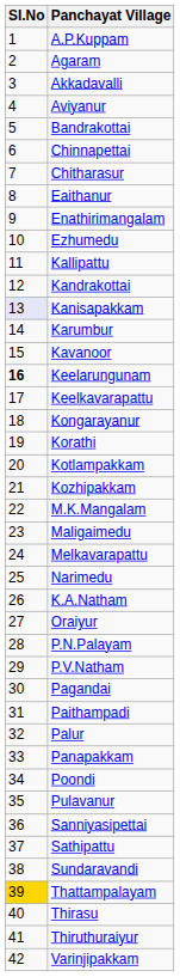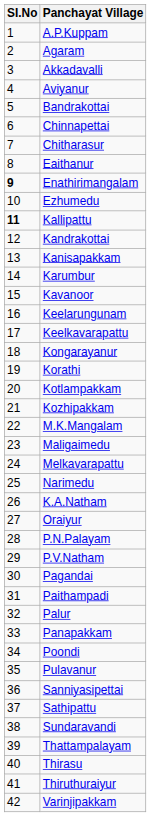 <table class="wikitable sortable">
 <tr>
 <th>SI.No</th>
 <th>Panchayat Village</th>
 </tr>
 <tr>
 <td>1</td>
 <td><a href='#'>A.P.Kuppam</a></td>
 </tr>
 <tr>
 <td>2</td>
 <td><a href='#'>Agaram</a></td>
 </tr>
 <tr>
 <td>3</td>
 <td><a href='#'>Akkadavalli</a></td>
 </tr>
 <tr>
 <td>4</td>
 <td><a href='#'>Aviyanur</a></td>
 </tr>
 <tr>
 <td>5</td>
 <td><a href='#'>Bandrakottai</a></td>
 </tr>
 <tr>
 <td>6</td>
 <td><a href='#'>Chinnapettai</a></td>
 </tr>
 <tr>
 <td>7</td>
 <td><a href='#'>Chitharasur</a></td>
 </tr>
 <tr>
 <td>8</td>
 <td><a href='#'>Eaithanur</a></td>
 </tr>
 <tr>
-<td>9</td>
+<td><strong>9</strong></td>
 <td><a href='#'>Enathirimangalam</a></td>
 </tr>
 <tr>
 <td>10</td>
 <td><a href='#'>Ezhumedu</a></td>
 </tr>
 <tr>
-<td>11</td>
+<td><strong>11</strong></td>
 <td><a href='#'>Kallipattu</a></td>
 </tr>
 <tr>
 <td>12</td>
 <td><a href='#'>Kandrakottai</a></td>
 </tr>
 <tr>
-<td style="background: lavender;">13</td>
+<td>13</td>
 <td><a href='#'>Kanisapakkam</a></td>
 </tr>
 <tr>
 <td>14</td>
 <td><a href='#'>Karumbur</a></td>
 </tr>
 <tr>
 <td>15</td>
 <td><a href='#'>Kavanoor</a></td>
 </tr>
 <tr>
-<td><strong>16</strong></td>
+<td>16</td>
 <td><a href='#'>Keelarungunam</a></td>
 </tr>
 <tr>
 <td>17</td>
 <td><a href='#'>Keelkavarapattu</a></td>
 </tr>
 <tr>
 <td>18</td>
 <td><a href='#'>Kongarayanur</a></td>
 </tr>
 <tr>
 <td>19</td>
 <td><a href='#'>Korathi</a></td>
 </tr>
 <tr>
 <td>20</td>
 <td><a href='#'>Kotlampakkam</a></td>
 </tr>
 <tr>
 <td>21</td>
 <td><a href='#'>Kozhipakkam</a></td>
 </tr>
 <tr>
 <td>22</td>
 <td><a href='#'>M.K.Mangalam</a></td>
 </tr>
 <tr>
 <td>23</td>
 <td><a href='#'>Maligaimedu</a></td>
 </tr>
 <tr>
 <td>24</td>
 <td><a href='#'>Melkavarapattu</a></td>
 </tr>
 <tr>
 <td>25</td>
 <td><a href='#'>Narimedu</a></td>
 </tr>
 <tr>
 <td>26</td>
 <td><a href='#'>K.A.Natham</a></td>
 </tr>
 <tr>
 <td>27</td>
 <td><a href='#'>Oraiyur</a></td>
 </tr>
 <tr>
 <td>28</td>
 <td><a href='#'>P.N.Palayam</a></td>
 </tr>
 <tr>
 <td>29</td>
 <td><a href='#'>P.V.Natham</a></td>
 </tr>
 <tr>
 <td>30</td>
 <td><a href='#'>Pagandai</a></td>
 </tr>
 <tr>
 <td>31</td>
 <td><a href='#'>Paithampadi</a></td>
 </tr>
 <tr>
 <td>32</td>
 <td><a href='#'>Palur</a></td>
 </tr>
 <tr>
 <td>33</td>
 <td><a href='#'>Panapakkam</a></td>
 </tr>
 <tr>
 <td>34</td>
 <td><a href='#'>Poondi</a></td>
 </tr>
 <tr>
 <td>35</td>
 <td><a href='#'>Pulavanur</a></td>
 </tr>
 <tr>
 <td>36</td>
 <td><a href='#'>Sanniyasipettai</a></td>
 </tr>
 <tr>
 <td>37</td>
 <td><a href='#'>Sathipattu</a></td>
 </tr>
 <tr>
 <td>38</td>
 <td><a href='#'>Sundaravandi</a></td>
 </tr>
 <tr>
-<td style="background: gold;">39</td>
+<td>39</td>
 <td><a href='#'>Thattampalayam</a></td>
 </tr>
 <tr>
 <td>40</td>
 <td><a href='#'>Thirasu</a></td>
 </tr>
 <tr>
 <td>41</td>
 <td><a href='#'>Thiruthuraiyur</a></td>
 </tr>
 <tr>
 <td>42</td>
 <td><a href='#'>Varinjipakkam</a></td>
 </tr>
 </table>
